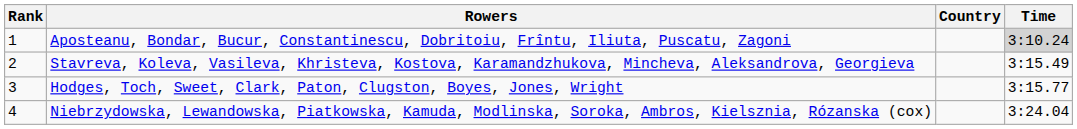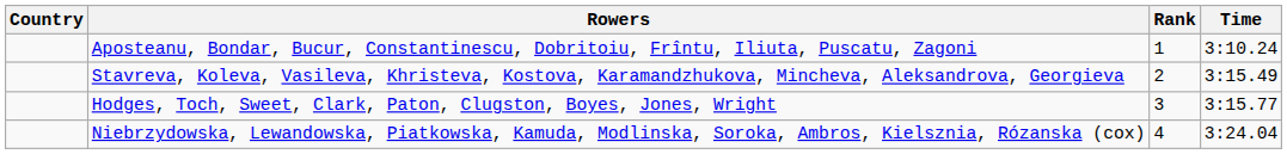 <table class="wikitable">
 <tr>
+<th>Country</th>
+<th>Rowers</th>
 <th>Rank</th>
-<th>Rowers</th>
-<th>Country</th>
 <th>Time</th>
 </tr>
 <tr>
+<td></td>
+<td><a href='#'>Aposteanu</a>, <a href='#'>Bondar</a>, <a href='#'>Bucur</a>, <a href='#'>Constantinescu</a>, <a href='#'>Dobritoiu</a>, <a href='#'>Frîntu</a>, <a href='#'>Iliuta</a>, <a href='#'>Puscatu</a>, <a href='#'>Zagoni</a></td>
 <td>1</td>
-<td><a href='#'>Aposteanu</a>, <a href='#'>Bondar</a>, <a href='#'>Bucur</a>, <a href='#'>Constantinescu</a>, <a href='#'>Dobritoiu</a>, <a href='#'>Frîntu</a>, <a href='#'>Iliuta</a>, <a href='#'>Puscatu</a>, <a href='#'>Zagoni</a></td>
-<td></td>
-<td style="background: lightgrey;">3:10.24</td>
+<td>3:10.24</td>
 </tr>
 <tr>
+<td></td>
+<td><a href='#'>Stavreva</a>, <a href='#'>Koleva</a>, <a href='#'>Vasileva</a>, <a href='#'>Khristeva</a>, <a href='#'>Kostova</a>, <a href='#'>Karamandzhukova</a>, <a href='#'>Mincheva</a>, <a href='#'>Aleksandrova</a>, <a href='#'>Georgieva</a></td>
 <td>2</td>
-<td><a href='#'>Stavreva</a>, <a href='#'>Koleva</a>, <a href='#'>Vasileva</a>, <a href='#'>Khristeva</a>, <a href='#'>Kostova</a>, <a href='#'>Karamandzhukova</a>, <a href='#'>Mincheva</a>, <a href='#'>Aleksandrova</a>, <a href='#'>Georgieva</a></td>
-<td></td>
 <td>3:15.49</td>
 </tr>
 <tr>
+<td></td>
+<td><a href='#'>Hodges</a>, <a href='#'>Toch</a>, <a href='#'>Sweet</a>, <a href='#'>Clark</a>, <a href='#'>Paton</a>, <a href='#'>Clugston</a>, <a href='#'>Boyes</a>, <a href='#'>Jones</a>, <a href='#'>Wright</a></td>
 <td>3</td>
-<td><a href='#'>Hodges</a>, <a href='#'>Toch</a>, <a href='#'>Sweet</a>, <a href='#'>Clark</a>, <a href='#'>Paton</a>, <a href='#'>Clugston</a>, <a href='#'>Boyes</a>, <a href='#'>Jones</a>, <a href='#'>Wright</a></td>
-<td></td>
 <td>3:15.77</td>
 </tr>
 <tr>
+<td></td>
+<td><a href='#'>Niebrzydowska</a>, <a href='#'>Lewandowska</a>, <a href='#'>Piatkowska</a>, <a href='#'>Kamuda</a>, <a href='#'>Modlinska</a>, <a href='#'>Soroka</a>, <a href='#'>Ambros</a>, <a href='#'>Kielsznia</a>, <a href='#'>Rózanska</a> (cox)</td>
 <td>4</td>
-<td><a href='#'>Niebrzydowska</a>, <a href='#'>Lewandowska</a>, <a href='#'>Piatkowska</a>, <a href='#'>Kamuda</a>, <a href='#'>Modlinska</a>, <a href='#'>Soroka</a>, <a href='#'>Ambros</a>, <a href='#'>Kielsznia</a>, <a href='#'>Rózanska</a> (cox)</td>
-<td></td>
 <td>3:24.04</td>
 </tr>
 </table>
